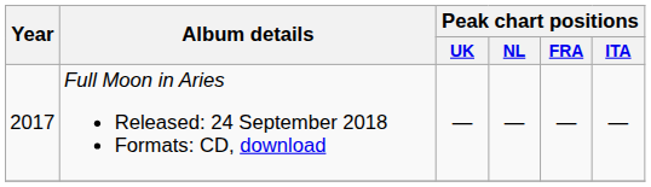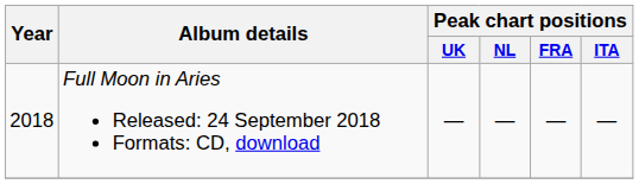 <table class="wikitable">
 <tr>
 <th rowspan="2" width="33">Year</th>
 <th rowspan="2" width="292">Album details</th>
 <th colspan="10">Peak chart positions</th>
 </tr>
 <tr style="font-size:smaller;">
 <th width="35"><a href='#'>UK</a></th>
 <th width="35"><a href='#'>NL</a></th>
 <th width="35"><a href='#'>FRA</a></th>
 <th width="35£"><a href='#'>ITA</a></th>
 </tr>
 <tr>
-<td>2017</td>
+<td>2018</td>
 <td><em>Full Moon in Aries</em><br><ul><li>Released: 24 September 2018</li><li>Formats: CD, <a href='#'>download</a></li></ul></td>
 <td valign="center" align="center">—</td>
 <td valign="center" align="center">—</td>
 <td valign="center" align="center">—</td>
 <td valign="center" align="center">—</td>
 </tr>
 <tr>
 </tr>
 </table>
